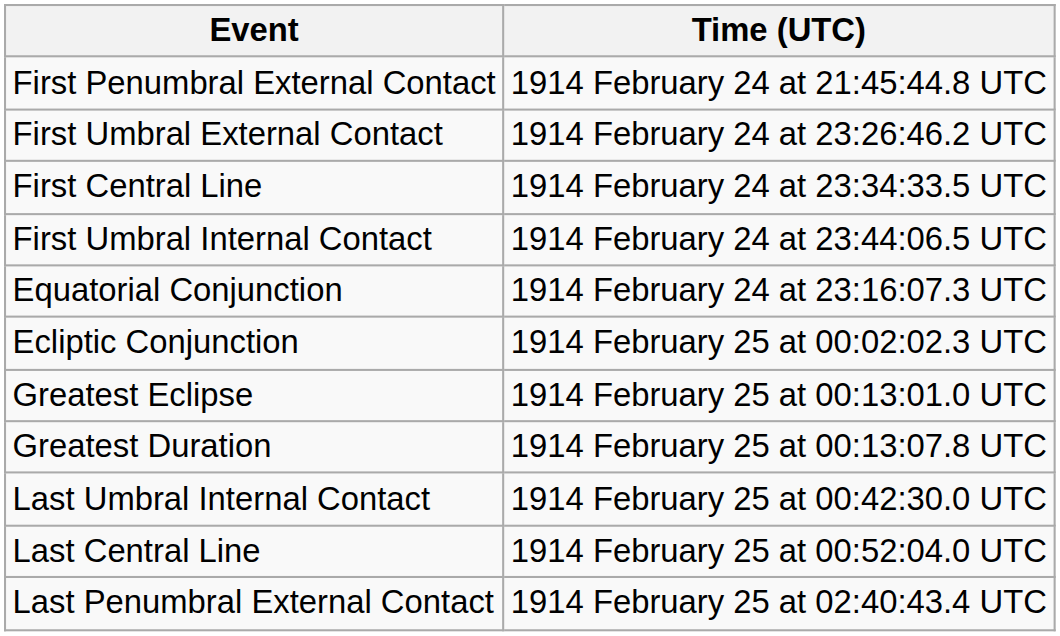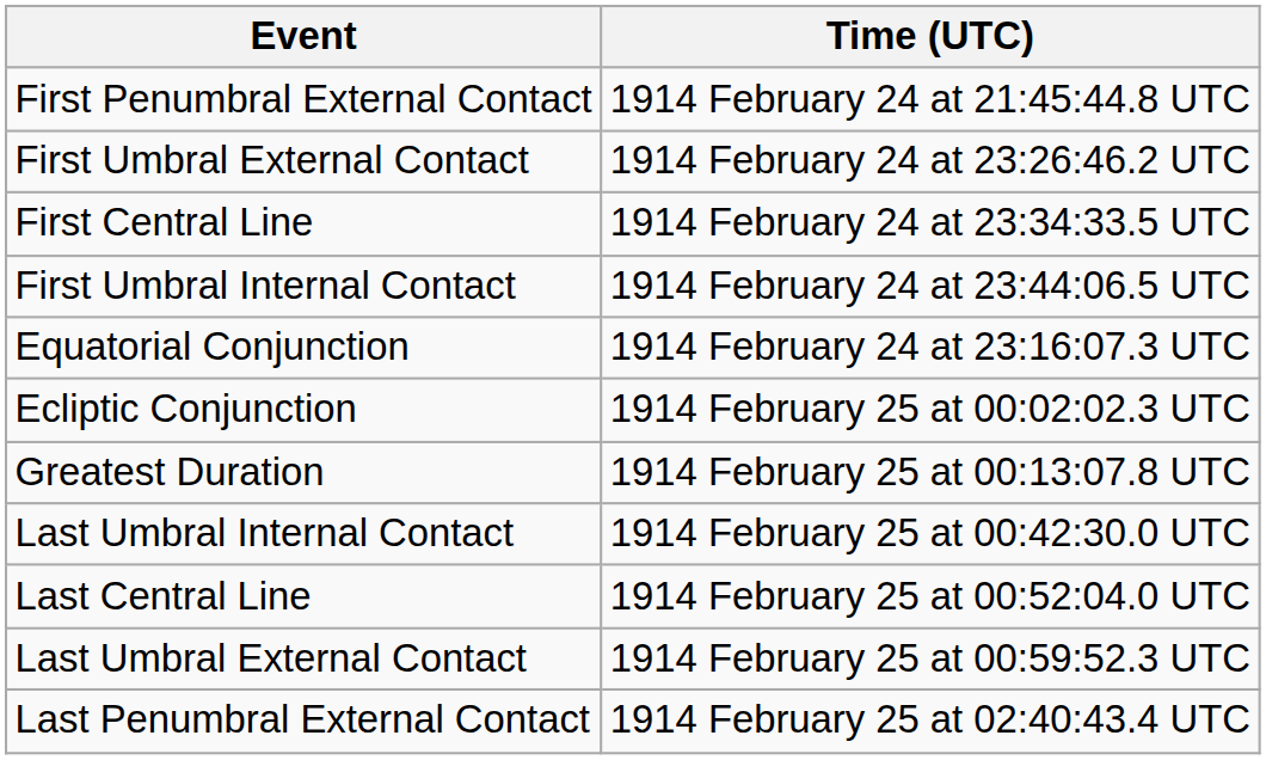 <table class="wikitable">
 <tr>
 <th>Event</th>
 <th>Time (UTC)</th>
 </tr>
 <tr>
 <td>First Penumbral External Contact</td>
 <td>1914 February 24 at 21:45:44.8 UTC</td>
 </tr>
 <tr>
 <td>First Umbral External Contact</td>
 <td>1914 February 24 at 23:26:46.2 UTC</td>
 </tr>
 <tr>
 <td>First Central Line</td>
 <td>1914 February 24 at 23:34:33.5 UTC</td>
 </tr>
 <tr>
 <td>First Umbral Internal Contact</td>
 <td>1914 February 24 at 23:44:06.5 UTC</td>
 </tr>
 <tr>
 <td>Equatorial Conjunction</td>
 <td>1914 February 24 at 23:16:07.3 UTC</td>
 </tr>
 <tr>
 <td>Ecliptic Conjunction</td>
 <td>1914 February 25 at 00:02:02.3 UTC</td>
 </tr>
 <tr>
-<td>Greatest Eclipse</td>
-<td>1914 February 25 at 00:13:01.0 UTC</td>
-</tr>
-<tr>
 <td>Greatest Duration</td>
 <td>1914 February 25 at 00:13:07.8 UTC</td>
 </tr>
 <tr>
 <td>Last Umbral Internal Contact</td>
 <td>1914 February 25 at 00:42:30.0 UTC</td>
 </tr>
 <tr>
 <td>Last Central Line</td>
 <td>1914 February 25 at 00:52:04.0 UTC</td>
 </tr>
 <tr>
+<td>Last Umbral External Contact</td>
+<td>1914 February 25 at 00:59:52.3 UTC</td>
+</tr>
+<tr>
 <td>Last Penumbral External Contact</td>
 <td>1914 February 25 at 02:40:43.4 UTC</td>
 </tr>
 </table>
